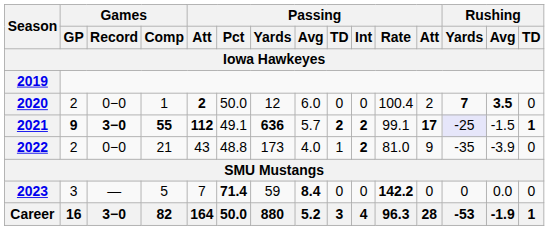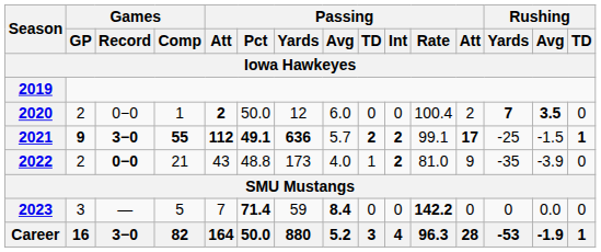 <table class="wikitable" style="text-align:center;">
 <tr>
 <th rowspan="2">Season</th>
 <th colspan="3">Games</th>
 <th colspan="8">Passing</th>
 <th colspan="5">Rushing</th>
 </tr>
 <tr>
 <th>GP</th>
 <th>Record</th>
 <th>Comp</th>
 <th>Att</th>
 <th>Pct</th>
 <th>Yards</th>
 <th>Avg</th>
 <th>TD</th>
 <th>Int</th>
 <th>Rate</th>
 <th>Att</th>
 <th>Yards</th>
 <th>Avg</th>
 <th>TD</th>
 </tr>
 <tr>
 <th colspan="16">Iowa Hawkeyes</th>
 </tr>
 <tr>
 <th><a href='#'>2019</a></th>
 <td colspan="15"></td>
 </tr>
 <tr>
 <th><a href='#'>2020</a></th>
 <td>2</td>
 <td>0−0</td>
 <td>1</td>
 <td><strong>2</strong></td>
 <td>50.0</td>
 <td>12</td>
 <td>6.0</td>
 <td>0</td>
 <td>0</td>
 <td>100.4</td>
 <td>2</td>
 <td><strong>7</strong></td>
 <td><strong>3.5</strong></td>
 <td>0</td>
 </tr>
 <tr>
 <th><a href='#'>2021</a></th>
 <td><strong>9</strong></td>
 <td><strong>3−0</strong></td>
 <td><strong>55</strong></td>
 <td><strong>112</strong></td>
-<td>49.1</td>
+<td><strong>49.1</strong></td>
 <td><strong>636</strong></td>
 <td>5.7</td>
 <td><strong>2</strong></td>
 <td><strong>2</strong></td>
 <td>99.1</td>
 <td><strong>17</strong></td>
-<td style="background: lavender;">-25</td>
+<td>-25</td>
 <td>-1.5</td>
 <td><strong>1</strong></td>
 </tr>
 <tr>
 <th><a href='#'>2022</a></th>
 <td>2</td>
-<td>0−0</td>
+<td><strong>0−0</strong></td>
 <td>21</td>
 <td>43</td>
 <td>48.8</td>
 <td>173</td>
 <td>4.0</td>
 <td>1</td>
 <td><strong>2</strong></td>
 <td>81.0</td>
 <td>9</td>
 <td>-35</td>
 <td>-3.9</td>
 <td>0</td>
 </tr>
 <tr>
 <th colspan="16">SMU Mustangs</th>
 </tr>
 <tr>
 <th><a href='#'>2023</a></th>
 <td>3</td>
 <td>—</td>
 <td>5</td>
 <td>7</td>
 <td><strong>71.4</strong></td>
 <td>59</td>
 <td><strong>8.4</strong></td>
 <td>0</td>
 <td>0</td>
 <td><strong>142.2</strong></td>
 <td>0</td>
 <td>0</td>
 <td>0.0</td>
 <td>0</td>
 </tr>
 <tr>
 <th>Career</th>
 <th>16</th>
 <th>3−0</th>
 <th>82</th>
 <th>164</th>
 <th>50.0</th>
 <th>880</th>
 <th>5.2</th>
 <th>3</th>
 <th>4</th>
 <th>96.3</th>
 <th>28</th>
 <th>-53</th>
 <th>-1.9</th>
 <th>1</th>
 </tr>
 </table>
